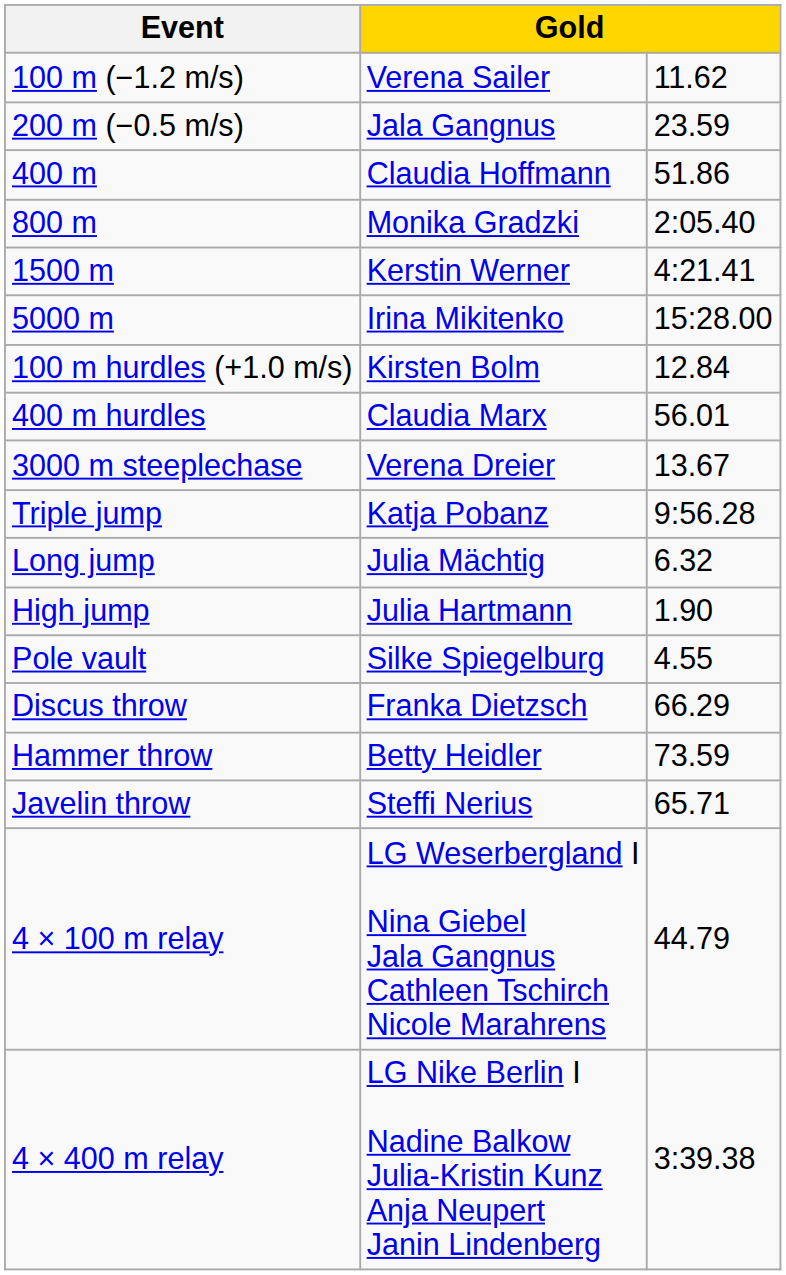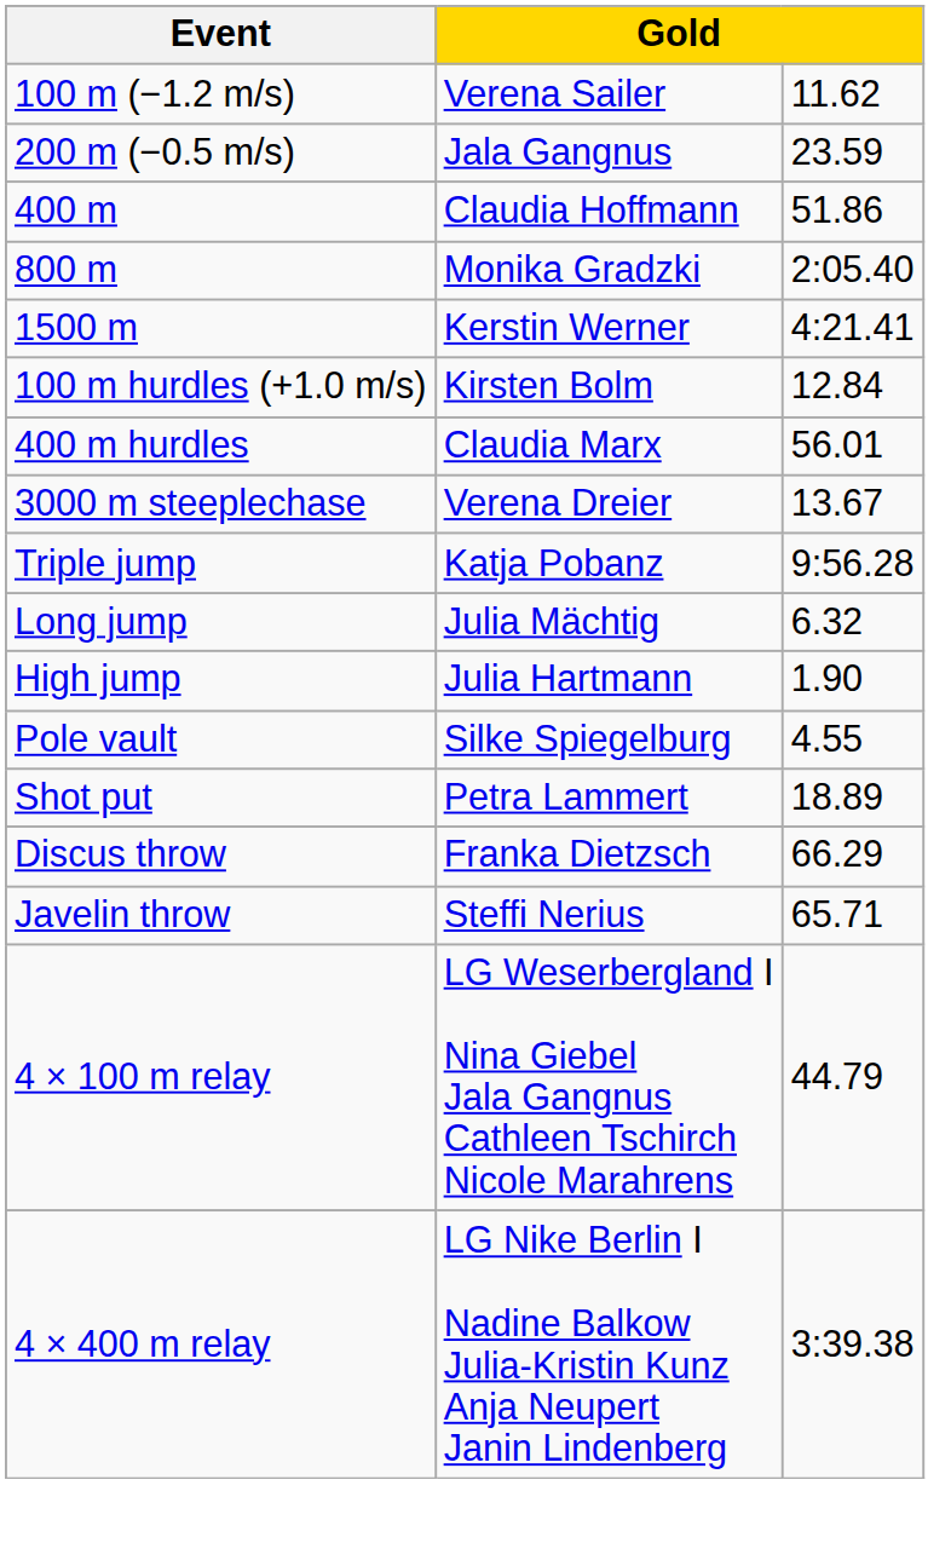 <table class="wikitable">
 <tr>
 <th>Event</th>
 <th style="background:gold;" colspan=2>Gold</th>
 </tr>
 <tr>
 <td><a href='#'>100 m</a> (−1.2 m/s)</td>
 <td><a href='#'>Verena Sailer</a></td>
 <td>11.62</td>
 </tr>
 <tr>
 <td><a href='#'>200 m</a> (−0.5 m/s)</td>
 <td><a href='#'>Jala Gangnus</a></td>
 <td>23.59</td>
 </tr>
 <tr>
 <td><a href='#'>400 m</a></td>
 <td><a href='#'>Claudia Hoffmann</a></td>
 <td>51.86</td>
 </tr>
 <tr>
 <td><a href='#'>800 m</a></td>
 <td><a href='#'>Monika Gradzki</a></td>
 <td>2:05.40</td>
 </tr>
 <tr>
 <td><a href='#'>1500 m</a></td>
 <td><a href='#'>Kerstin Werner</a></td>
 <td>4:21.41 </td>
-</tr>
-<tr>
-<td><a href='#'>5000 m</a></td>
-<td><a href='#'>Irina Mikitenko</a></td>
-<td>15:28.00 </td>
 </tr>
 <tr>
 <td><a href='#'>100 m hurdles</a> (+1.0 m/s)</td>
 <td><a href='#'>Kirsten Bolm</a></td>
 <td>12.84</td>
 </tr>
 <tr>
 <td><a href='#'>400 m hurdles</a></td>
 <td><a href='#'>Claudia Marx</a></td>
 <td>56.01</td>
 </tr>
 <tr>
 <td><a href='#'>3000 m steeplechase</a></td>
 <td><a href='#'>Verena Dreier</a></td>
 <td>13.67</td>
 </tr>
 <tr>
 <td><a href='#'>Triple jump</a></td>
 <td><a href='#'>Katja Pobanz</a></td>
 <td>9:56.28</td>
 </tr>
 <tr>
 <td><a href='#'>Long jump</a></td>
 <td><a href='#'>Julia Mächtig</a></td>
 <td>6.32</td>
 </tr>
 <tr>
 <td><a href='#'>High jump</a></td>
 <td><a href='#'>Julia Hartmann</a></td>
 <td>1.90</td>
 </tr>
 <tr>
 <td><a href='#'>Pole vault</a></td>
 <td><a href='#'>Silke Spiegelburg</a></td>
 <td>4.55</td>
 </tr>
 <tr>
+<td><a href='#'>Shot put</a></td>
+<td><a href='#'>Petra Lammert</a></td>
+<td>18.89</td>
+</tr>
+<tr>
 <td><a href='#'>Discus throw</a></td>
 <td><a href='#'>Franka Dietzsch</a></td>
 <td>66.29</td>
-</tr>
-<tr>
-<td><a href='#'>Hammer throw</a></td>
-<td><a href='#'>Betty Heidler</a></td>
-<td>73.59 </td>
 </tr>
 <tr>
 <td><a href='#'>Javelin throw</a></td>
 <td><a href='#'>Steffi Nerius</a></td>
 <td>65.71</td>
 </tr>
 <tr>
 <td><a href='#'>4 × 100 m relay</a></td>
 <td><a href='#'>LG Weserbergland</a> I <br><br><a href='#'>Nina Giebel</a> <br> <a href='#'>Jala Gangnus</a> <br> <a href='#'>Cathleen Tschirch</a> <br> <a href='#'>Nicole Marahrens</a></td>
 <td>44.79</td>
 </tr>
 <tr>
 <td><a href='#'>4 × 400 m relay</a></td>
 <td><a href='#'>LG Nike Berlin</a> I <br><br><a href='#'>Nadine Balkow</a> <br> <a href='#'>Julia-Kristin Kunz</a> <br> <a href='#'>Anja Neupert</a> <br> <a href='#'>Janin Lindenberg</a></td>
 <td>3:39.38</td>
 </tr>
 </table>
